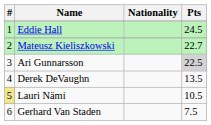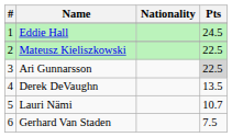 <table class="wikitable" style="display: inline-table; width: 50%;">
 <tr>
 <th>#</th>
 <th>Name</th>
 <th>Nationality</th>
 <th>Pts</th>
 </tr>
 <tr>
 </tr>
 <tr bgcolor=bbf3bb>
 <td>1</td>
 <td><a href='#'>Eddie Hall</a></td>
 <td></td>
 <td>24.5</td>
 </tr>
 <tr>
 </tr>
 <tr bgcolor=bbf3bb>
 <td>2</td>
 <td><a href='#'>Mateusz Kieliszkowski</a></td>
 <td></td>
-<td>22.7</td>
+<td>22.5</td>
 </tr>
 <tr>
 <td>3</td>
 <td>Ari Gunnarsson</td>
 <td></td>
 <td style="background: lightgrey;">22.5</td>
 </tr>
 <tr>
 <td>4</td>
 <td>Derek DeVaughn</td>
 <td></td>
 <td>13.5</td>
 </tr>
 <tr>
-<td style="background: khaki;">5</td>
+<td>5</td>
 <td>Lauri Nämi</td>
 <td></td>
-<td>10.5</td>
+<td>10.7</td>
 </tr>
 <tr>
 <td>6</td>
 <td>Gerhard Van Staden</td>
 <td></td>
 <td>7.5</td>
 </tr>
 </table>
